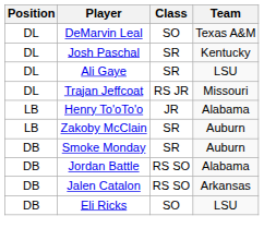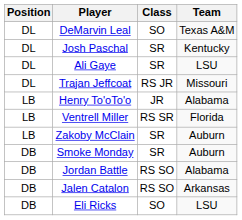 <table class="wikitable sortable">
 <tr>
 <th>Position</th>
 <th>Player</th>
 <th>Class</th>
 <th>Team</th>
 </tr>
 <tr style="text-align:center;">
 <td style="background:white">DL</td>
 <td style="background:white"><a href='#'>DeMarvin Leal</a></td>
 <td style="background:white">SO</td>
 <td>Texas A&M</td>
 </tr>
 <tr style="text-align:center;">
 <td style="background:white">DL</td>
 <td style="background:white"><a href='#'>Josh Paschal</a></td>
 <td style="background:white">SR</td>
 <td>Kentucky</td>
 </tr>
 <tr style="text-align:center;">
 <td style="background:white">DL</td>
 <td style="background:white"><a href='#'>Ali Gaye</a></td>
 <td style="background:white">SR</td>
 <td>LSU</td>
 </tr>
 <tr style="text-align:center;">
 <td style="background:white">DL</td>
 <td style="background:white"><a href='#'>Trajan Jeffcoat</a></td>
 <td style="background:white">RS JR</td>
 <td>Missouri</td>
 </tr>
 <tr style="text-align:center;">
 <td style="background:white">LB</td>
 <td style="background:white"><a href='#'>Henry To'oTo'o</a></td>
 <td style="background:white">JR</td>
 <td>Alabama</td>
 </tr>
 <tr style="text-align:center;">
 <td style="background:white">LB</td>
+<td style="background:white"><a href='#'>Ventrell Miller</a></td>
+<td style="background:white">RS SR</td>
+<td>Florida</td>
+</tr>
+<tr style="text-align:center;">
+<td style="background:white">LB</td>
 <td style="background:white"><a href='#'>Zakoby McClain</a></td>
 <td style="background:white">SR</td>
 <td>Auburn</td>
 </tr>
 <tr style="text-align:center;">
 <td style="background:white">DB</td>
 <td style="background:white"><a href='#'>Smoke Monday</a></td>
 <td style="background:white">SR</td>
 <td>Auburn</td>
 </tr>
 <tr style="text-align:center;">
 <td style="background:white">DB</td>
 <td style="background:white"><a href='#'>Jordan Battle</a></td>
 <td style="background:white">RS SO</td>
 <td>Alabama</td>
 </tr>
 <tr style="text-align:center;">
 <td style="background:white">DB</td>
 <td style="background:white"><a href='#'>Jalen Catalon</a></td>
 <td style="background:white">RS SO</td>
 <td>Arkansas</td>
 </tr>
 <tr style="text-align:center;">
 <td style="background:white">DB</td>
 <td style="background:white"><a href='#'>Eli Ricks</a></td>
 <td style="background:white">SO</td>
 <td>LSU</td>
 </tr>
 </table>
